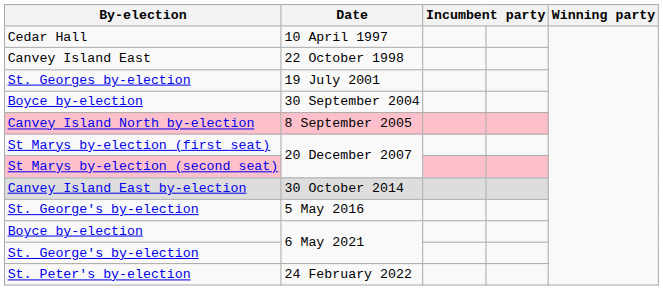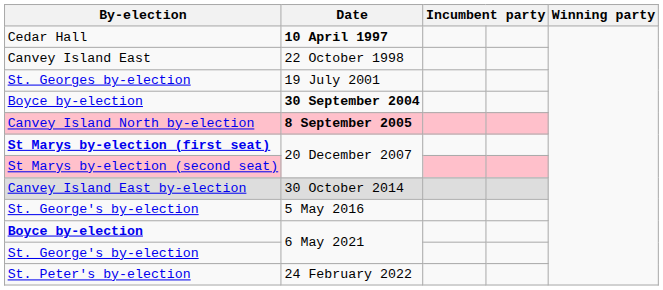 <table class="wikitable">
 <tr>
 <th>By-election</th>
 <th>Date</th>
 <th colspan=2>Incumbent party</th>
 <th colspan=2>Winning party</th>
 </tr>
 <tr bgcolor=>
 <td>Cedar Hall</td>
-<td>10 April 1997</td>
+<td><strong>10 April 1997</strong></td>
 <td></td>
 <td></td>
 </tr>
 <tr bgcolor=>
 <td>Canvey Island East</td>
 <td>22 October 1998</td>
 <td></td>
 <td></td>
 </tr>
 <tr bgcolor=>
 <td><a href='#'>St. Georges by-election</a></td>
 <td>19 July 2001</td>
 <td></td>
 <td></td>
 </tr>
 <tr bgcolor=>
 <td><a href='#'>Boyce by-election</a></td>
-<td>30 September 2004</td>
+<td><strong>30 September 2004</strong></td>
 <td></td>
 <td></td>
 </tr>
 <tr bgcolor=pink>
 <td><a href='#'>Canvey Island North by-election</a></td>
-<td>8 September 2005</td>
+<td><strong>8 September 2005</strong></td>
 <td></td>
 <td></td>
 </tr>
 <tr bgcolor=>
-<td><a href='#'>St Marys by-election (first seat)</a></td>
+<td><strong><a href='#'>St Marys by-election (first seat)</a></strong></td>
 <td rowspan=2>20 December 2007</td>
 <td></td>
 <td></td>
 </tr>
 <tr bgcolor=pink>
 <td><a href='#'>St Marys by-election (second seat)</a></td>
 <td></td>
 <td></td>
 </tr>
 <tr bgcolor=#dddddd>
 <td><a href='#'>Canvey Island East by-election</a></td>
 <td>30 October 2014</td>
 <td></td>
 <td></td>
 </tr>
 <tr bgcolor=>
 <td><a href='#'>St. George's by-election</a></td>
 <td>5 May 2016</td>
 <td></td>
 <td></td>
 </tr>
 <tr bgcolor=>
-<td><a href='#'>Boyce by-election</a></td>
+<td><strong><a href='#'>Boyce by-election</a></strong></td>
 <td rowspan=2>6 May 2021</td>
 <td></td>
 <td></td>
 </tr>
 <tr bgcolor=>
 <td><a href='#'>St. George's by-election</a></td>
 <td></td>
 <td></td>
 </tr>
 <tr bgcolor=>
 <td><a href='#'>St. Peter's by-election</a></td>
 <td>24 February 2022</td>
 <td></td>
 <td></td>
 </tr>
 </table>
